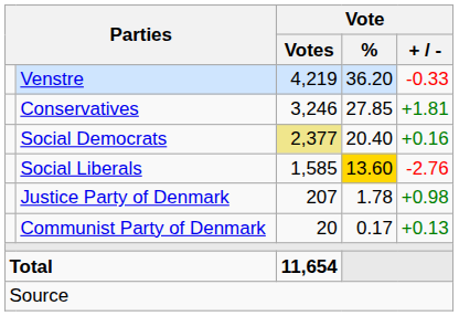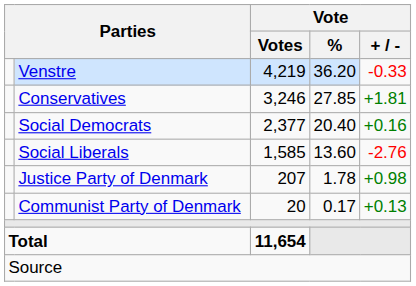 <table class="wikitable" style="text-align:right;">
 <tr>
 <th style="text-align:centre;" rowspan="2" colspan="2" width="225">Parties</th>
 <th colspan="3">Vote</th>
 </tr>
 <tr>
 <th width="15">Votes</th>
 <th width="15">%</th>
 <th width="15">+ / -</th>
 </tr>
 <tr>
 <td width="2" style="color:inherit;background:"></td>
 <td bgcolor=#cfe5fe  align="left"><a href='#'>Venstre</a></td>
 <td bgcolor=#cfe5fe>4,219</td>
 <td bgcolor=#cfe5fe>36.20</td>
 <td style=color:red;>-0.33</td>
 </tr>
 <tr>
 <td width="2" style="color:inherit;background:"></td>
 <td align="left"><a href='#'>Conservatives</a></td>
 <td>3,246</td>
 <td>27.85</td>
 <td style=color:green;>+1.81</td>
 </tr>
 <tr>
 <td width="2" style="color:inherit;background:"></td>
 <td align="left"><a href='#'>Social Democrats</a></td>
-<td style="background: khaki;">2,377</td>
+<td>2,377</td>
 <td>20.40</td>
 <td style=color:green;>+0.16</td>
 </tr>
 <tr>
 <td width="2" style="color:inherit;background:"></td>
 <td align="left"><a href='#'>Social Liberals</a></td>
 <td>1,585</td>
-<td style="background: gold;">13.60</td>
+<td>13.60</td>
 <td style=color:red;>-2.76</td>
 </tr>
 <tr>
 <td width="2" style="color:inherit;background:"></td>
 <td align="left"><a href='#'>Justice Party of Denmark</a></td>
 <td>207</td>
 <td>1.78</td>
 <td style=color:green;>+0.98</td>
 </tr>
 <tr>
 <td width="2" style="color:inherit;background:"></td>
 <td align="left"><a href='#'>Communist Party of Denmark</a></td>
 <td>20</td>
 <td>0.17</td>
 <td style=color:green;>+0.13</td>
 </tr>
 <tr>
 <td colspan="7" bgcolor="#E9E9E9"></td>
 </tr>
 <tr>
 <td align="left" colspan="2"><strong>Total</strong></td>
 <td><strong>11,654</strong></td>
 <td bgcolor="#E9E9E9" colspan="2"></td>
 </tr>
 <tr>
 <td align="left" colspan="6">Source</td>
 </tr>
 </table>
